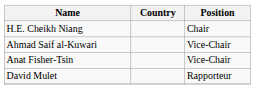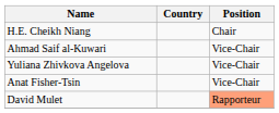 <table class="wikitable" style="display: inline-table; width: 45%">
 <tr>
 <th>Name</th>
 <th>Country</th>
 <th>Position</th>
 </tr>
 <tr>
 <td>H.E. Cheikh Niang</td>
 <td></td>
 <td>Chair</td>
 </tr>
 <tr>
 <td>Ahmad Saif al-Kuwari</td>
 <td></td>
 <td>Vice-Chair</td>
 </tr>
 <tr>
+<td>Yuliana Zhivkova Angelova</td>
+<td></td>
+<td>Vice-Chair</td>
+</tr>
+<tr>
 <td>Anat Fisher-Tsin</td>
 <td></td>
 <td>Vice-Chair</td>
 </tr>
 <tr>
 <td>David Mulet</td>
 <td></td>
-<td>Rapporteur</td>
+<td style="background: lightsalmon;">Rapporteur</td>
 </tr>
 <tr>
 </tr>
 </table>
